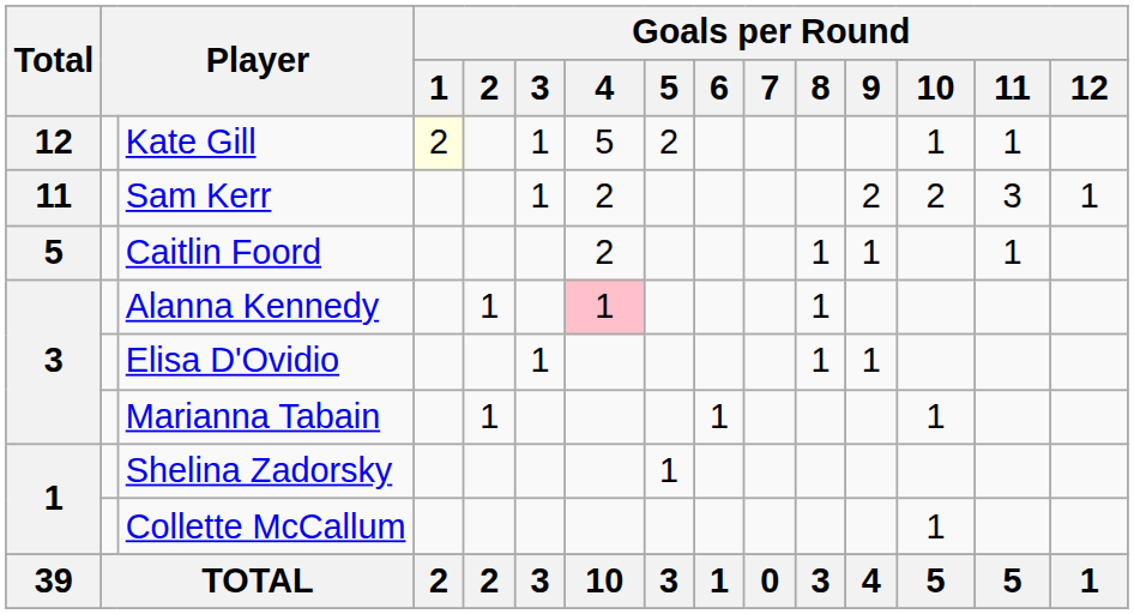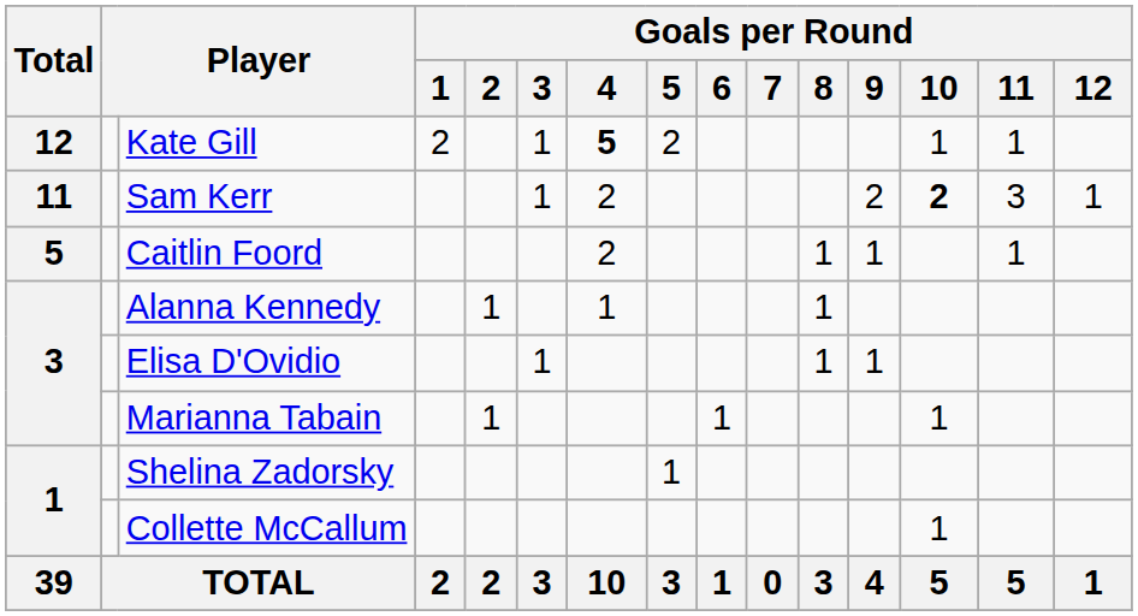 <table class="wikitable" style="text-align:center; ">
 <tr>
 <th rowspan="2">Total</th>
 <th rowspan="2" colspan="2">Player</th>
 <th colspan="12" style="width:324px;">Goals per Round</th>
 </tr>
 <tr>
 <th>1</th>
 <th>2</th>
 <th>3</th>
 <th>4</th>
 <th>5</th>
 <th>6</th>
 <th>7</th>
 <th>8</th>
 <th>9</th>
 <th>10</th>
 <th>11</th>
 <th>12</th>
 </tr>
 <tr>
 <th rowspan="1">12</th>
 <td></td>
 <td style="text-align:left;"><a href='#'>Kate Gill</a></td>
-<td style="background: lightyellow;">2</td>
+<td>2</td>
 <td></td>
 <td>1</td>
-<td>5</td>
+<td><strong>5</strong></td>
 <td>2</td>
 <td></td>
 <td></td>
 <td></td>
 <td></td>
 <td>1</td>
 <td>1</td>
 <td></td>
 </tr>
 <tr>
 <th rowspan="1">11</th>
 <td></td>
 <td style="text-align:left;"><a href='#'>Sam Kerr</a></td>
 <td></td>
 <td></td>
 <td>1</td>
 <td>2</td>
 <td></td>
 <td></td>
 <td></td>
 <td></td>
 <td>2</td>
-<td>2</td>
+<td><strong>2</strong></td>
 <td>3</td>
 <td>1</td>
 </tr>
 <tr>
 <th rowspan="1">5</th>
 <td></td>
 <td style="text-align:left;"><a href='#'>Caitlin Foord</a></td>
 <td></td>
 <td></td>
 <td></td>
 <td>2</td>
 <td></td>
 <td></td>
 <td></td>
 <td>1</td>
 <td>1</td>
 <td></td>
 <td>1</td>
 <td></td>
 </tr>
 <tr>
 <th rowspan="3">3</th>
 <td></td>
 <td style="text-align:left;"><a href='#'>Alanna Kennedy</a></td>
 <td></td>
 <td>1</td>
 <td></td>
-<td style="background: pink;">1</td>
+<td>1</td>
 <td></td>
 <td></td>
 <td></td>
 <td>1</td>
 <td></td>
 <td></td>
 <td></td>
 <td></td>
 </tr>
 <tr>
 <td></td>
 <td style="text-align:left;"><a href='#'>Elisa D'Ovidio</a></td>
 <td></td>
 <td></td>
 <td>1</td>
 <td></td>
 <td></td>
 <td></td>
 <td></td>
 <td>1</td>
 <td>1</td>
 <td></td>
 <td></td>
 <td></td>
 </tr>
 <tr>
 <td></td>
 <td style="text-align:left;"><a href='#'>Marianna Tabain</a></td>
 <td></td>
 <td>1</td>
 <td></td>
 <td></td>
 <td></td>
 <td>1</td>
 <td></td>
 <td></td>
 <td></td>
 <td>1</td>
 <td></td>
 <td></td>
 </tr>
 <tr>
 <th rowspan="2">1</th>
 <td></td>
 <td style="text-align:left;"><a href='#'>Shelina Zadorsky</a></td>
 <td></td>
 <td></td>
 <td></td>
 <td></td>
 <td>1</td>
 <td></td>
 <td></td>
 <td></td>
 <td></td>
 <td></td>
 <td></td>
 <td></td>
 </tr>
 <tr>
 <td></td>
 <td style="text-align:left;"><a href='#'>Collette McCallum</a></td>
 <td></td>
 <td></td>
 <td></td>
 <td></td>
 <td></td>
 <td></td>
 <td></td>
 <td></td>
 <td></td>
 <td>1</td>
 <td></td>
 <td></td>
 </tr>
 <tr>
 <th rowspan="1">39</th>
 <th colspan="2">TOTAL</th>
 <th style="text-align:center;">2</th>
 <th>2</th>
 <th>3</th>
 <th>10</th>
 <th>3</th>
 <th>1</th>
 <th>0</th>
 <th>3</th>
 <th>4</th>
 <th>5</th>
 <th>5</th>
 <th>1</th>
 </tr>
 </table>
